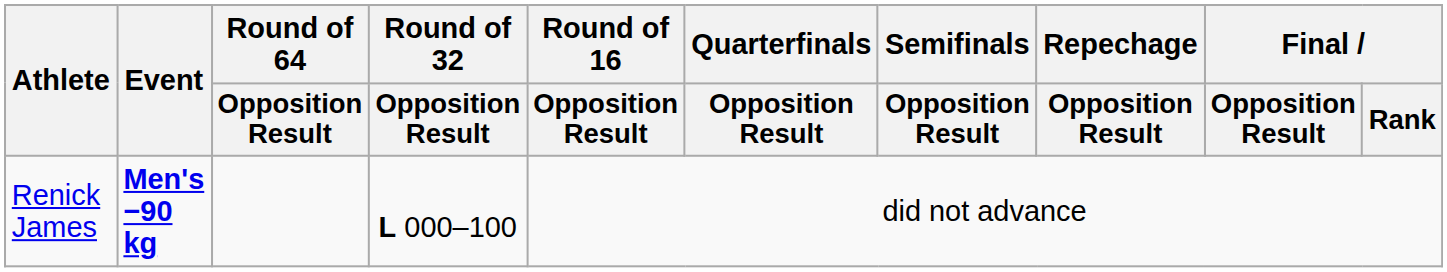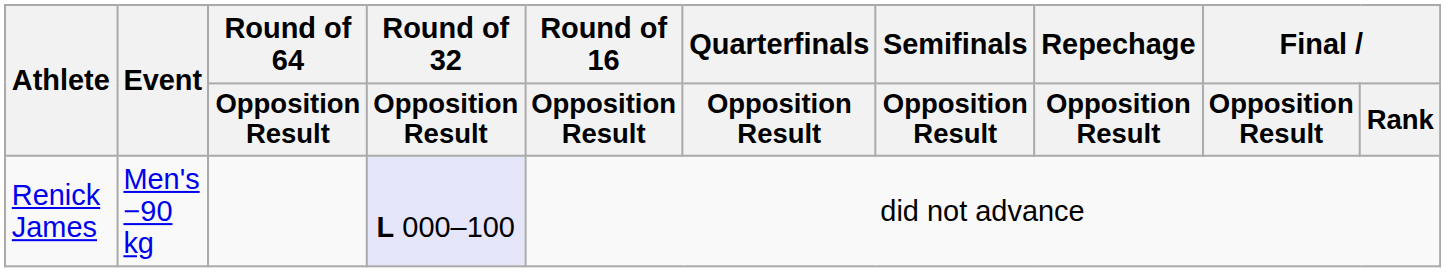 <table class="wikitable" style="font-size:90%">
 <tr>
 <th rowspan=2>Athlete</th>
 <th rowspan=2>Event</th>
 <th>Round of 64</th>
 <th>Round of 32</th>
 <th>Round of 16</th>
 <th>Quarterfinals</th>
 <th>Semifinals</th>
 <th>Repechage</th>
 <th colspan=2>Final / </th>
 </tr>
 <tr style="font-size:95%">
 <th>Opposition<br>Result</th>
 <th>Opposition<br>Result</th>
 <th>Opposition<br>Result</th>
 <th>Opposition<br>Result</th>
 <th>Opposition<br>Result</th>
 <th>Opposition<br>Result</th>
 <th>Opposition<br>Result</th>
 <th>Rank</th>
 </tr>
 <tr align=center>
 <td align=left><a href='#'>Renick James</a></td>
-<td align=left><strong><a href='#'>Men's −90 kg</a></strong></td>
+<td align=left><a href='#'>Men's −90 kg</a></td>
 <td></td>
-<td><br><strong>L</strong> 000–100</td>
+<td style="background: lavender;"><br><strong>L</strong> 000–100</td>
 <td colspan=6>did not advance</td>
 </tr>
 </table>
